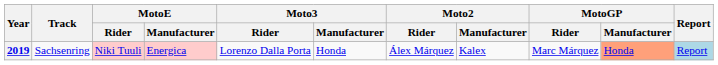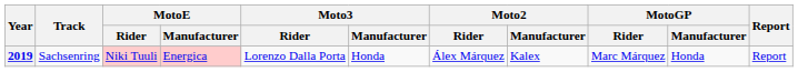 <table class="wikitable" style="font-size: 95%;">
 <tr>
 <th rowspan=2>Year</th>
 <th rowspan=2>Track</th>
 <th colspan=2>MotoE</th>
 <th colspan=2>Moto3</th>
 <th colspan=2>Moto2</th>
 <th colspan=2>MotoGP</th>
 <th rowspan=2>Report</th>
 </tr>
 <tr>
 <th>Rider</th>
 <th>Manufacturer</th>
 <th>Rider</th>
 <th>Manufacturer</th>
 <th>Rider</th>
 <th>Manufacturer</th>
 <th>Rider</th>
 <th>Manufacturer</th>
 </tr>
 <tr>
 <th><a href='#'>2019</a></th>
 <td><a href='#'>Sachsenring</a></td>
 <td style="background:#FFCCCC;"> <a href='#'>Niki Tuuli</a></td>
 <td style="background:#FFCCCC;"><a href='#'>Energica</a></td>
 <td> <a href='#'>Lorenzo Dalla Porta</a></td>
 <td><a href='#'>Honda</a></td>
 <td> <a href='#'>Álex Márquez</a></td>
 <td><a href='#'>Kalex</a></td>
 <td> <a href='#'>Marc Márquez</a></td>
-<td style="background: lightsalmon;"><a href='#'>Honda</a></td>
-<td style="background: lightblue;"><a href='#'>Report</a></td>
+<td><a href='#'>Honda</a></td>
+<td><a href='#'>Report</a></td>
 </tr>
 </table>
